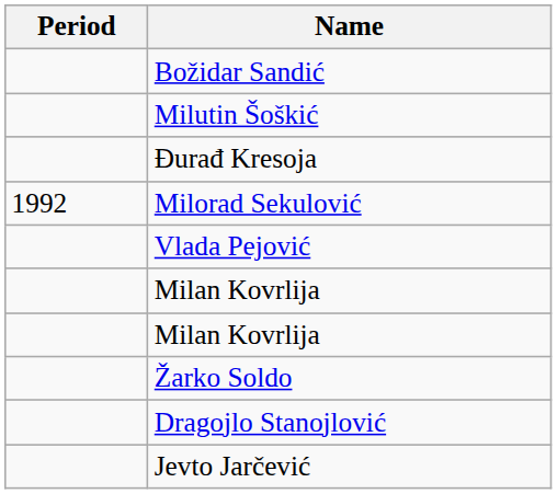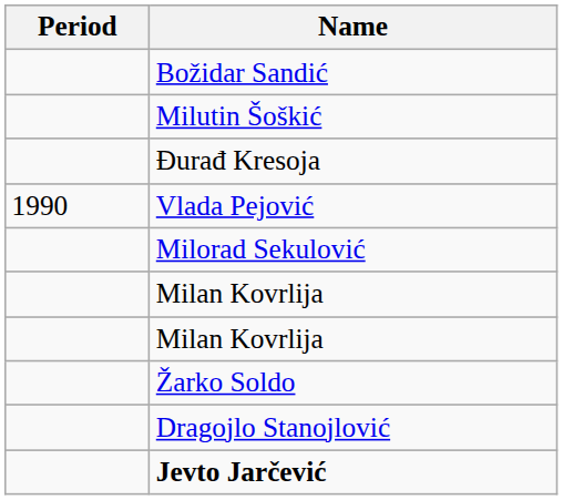 <table class="wikitable">
 <tr>
 <th width="75">Period</th>
 <th width="225">Name</th>
 </tr>
 <tr>
 <td></td>
 <td> <a href='#'>Božidar Sandić</a></td>
 </tr>
 <tr>
 <td></td>
 <td> <a href='#'>Milutin Šoškić</a></td>
 </tr>
 <tr>
 <td></td>
 <td> Đurađ Kresoja</td>
 </tr>
 <tr>
-<td>1992</td>
-<td> <a href='#'>Milorad Sekulović</a></td>
+<td>1990</td>
+<td> <a href='#'>Vlada Pejović</a></td>
 </tr>
 <tr>
 <td></td>
-<td> <a href='#'>Vlada Pejović</a></td>
+<td> <a href='#'>Milorad Sekulović</a></td>
 </tr>
 <tr>
 <td></td>
 <td> Milan Kovrlija</td>
 </tr>
 <tr>
 <td></td>
 <td> Milan Kovrlija</td>
 </tr>
 <tr>
 <td></td>
 <td> <a href='#'>Žarko Soldo</a></td>
 </tr>
 <tr>
 <td></td>
 <td> <a href='#'>Dragojlo Stanojlović</a></td>
 </tr>
 <tr>
 <td></td>
-<td> Jevto Jarčević</td>
+<td><strong> Jevto Jarčević</strong></td>
 </tr>
 </table>
